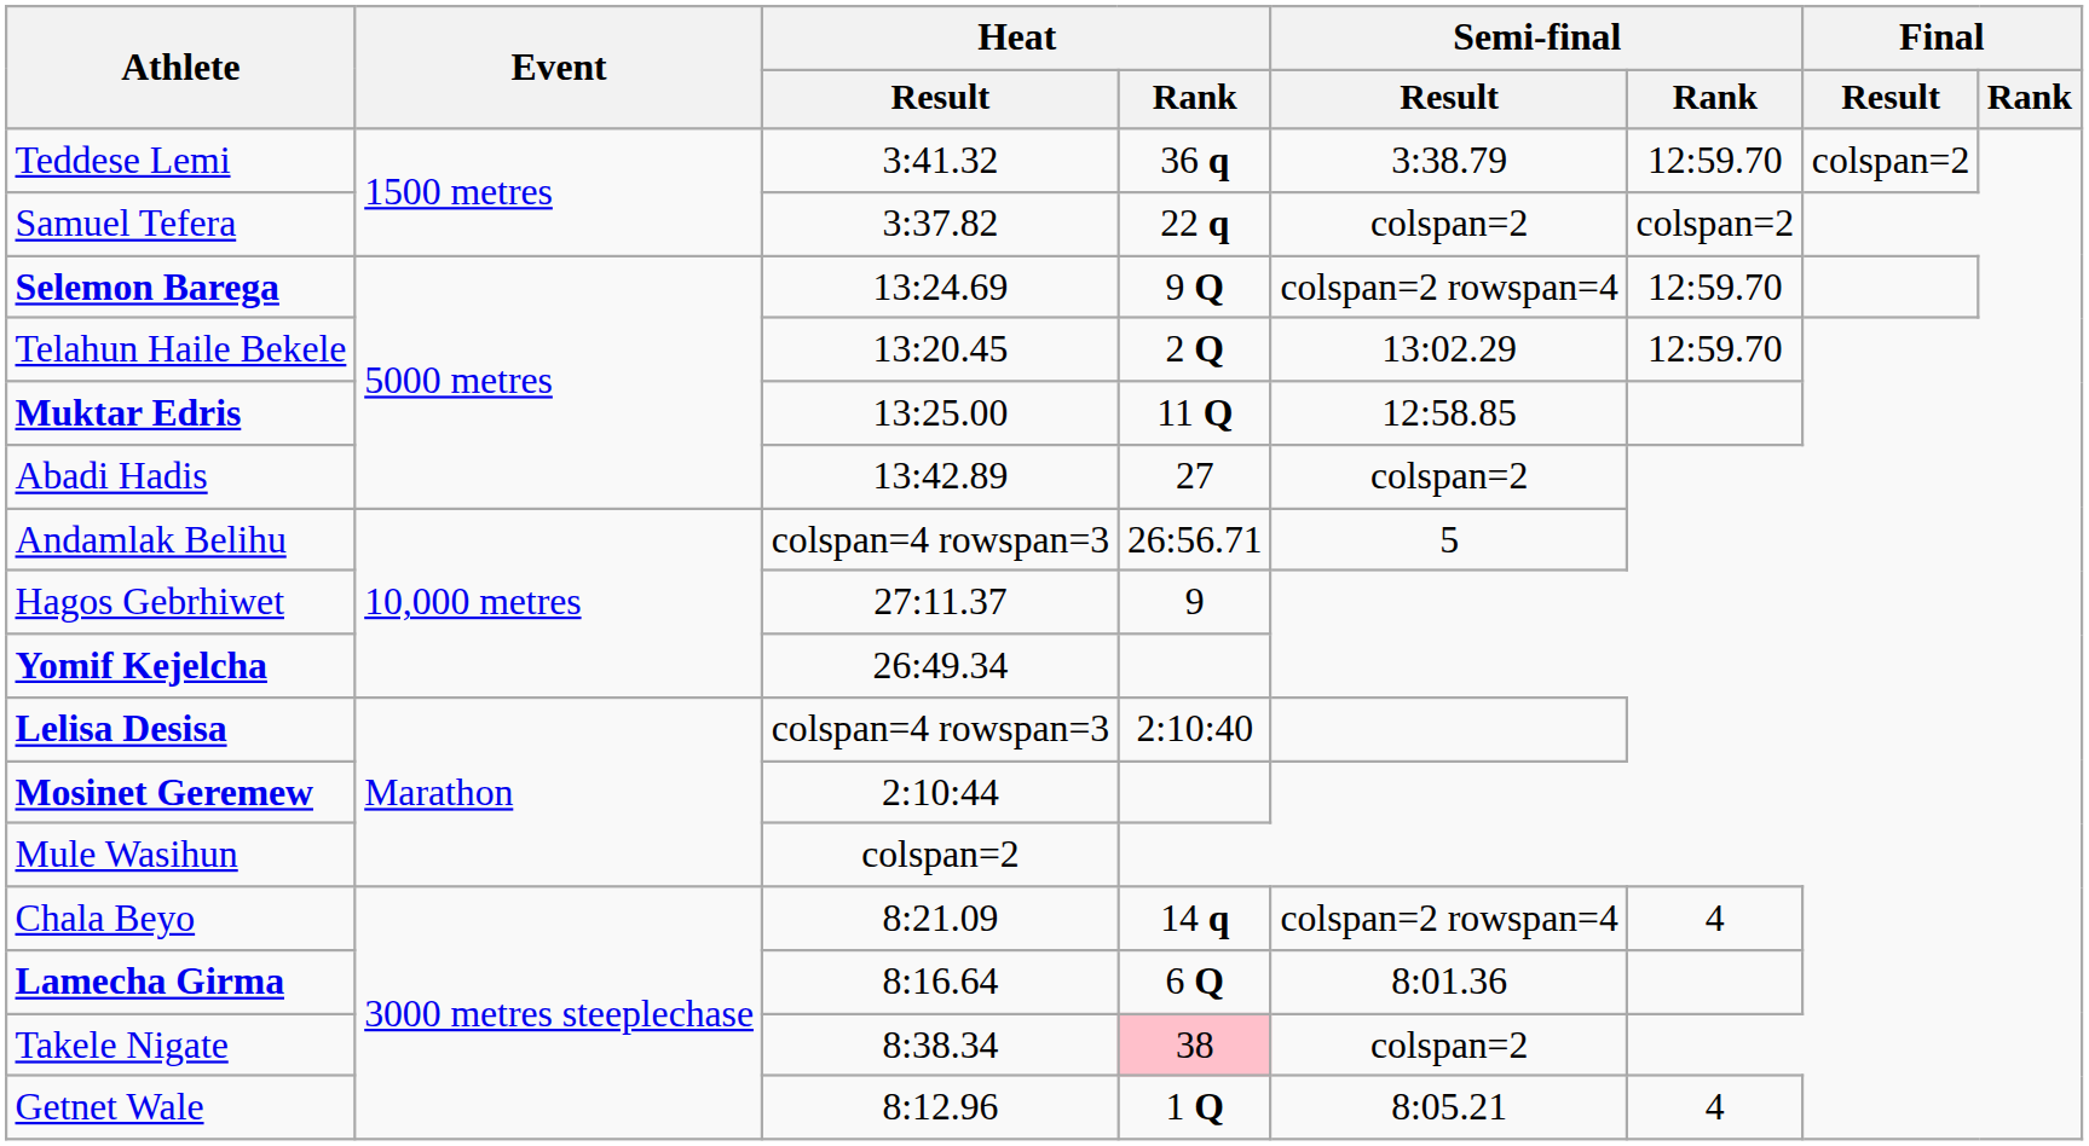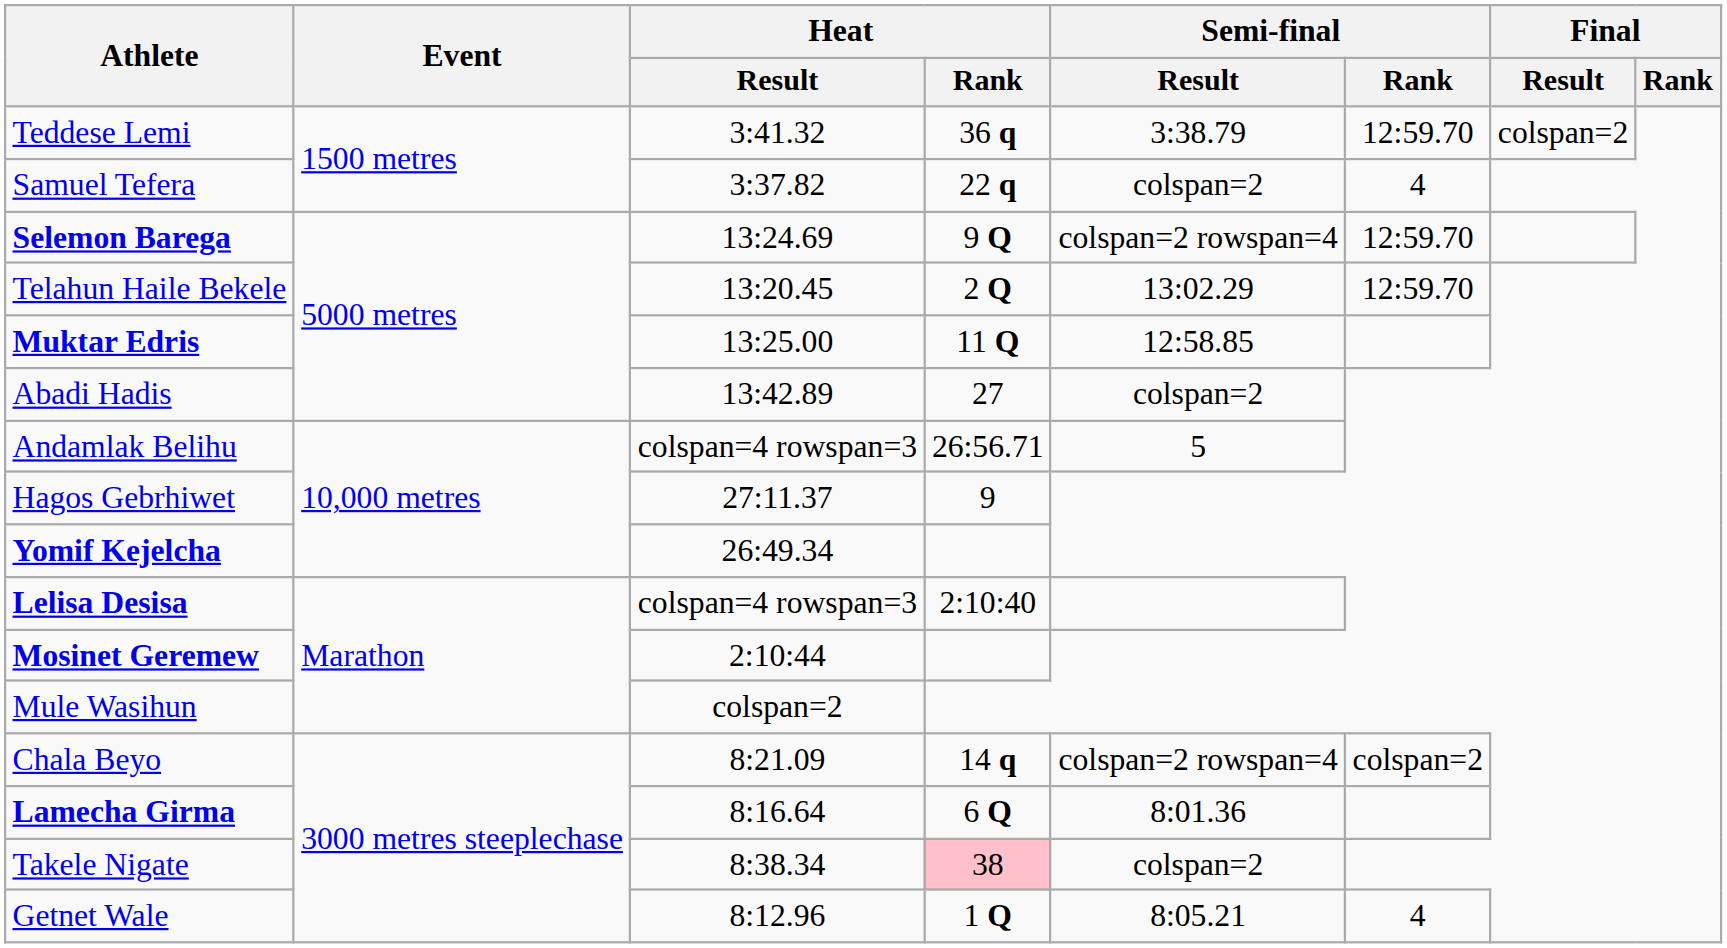 <table class="wikitable" style="font-size:90%">
 <tr>
 <th rowspan="2">Athlete</th>
 <th rowspan="2">Event</th>
 <th colspan="2">Heat</th>
 <th colspan="2">Semi-final</th>
 <th colspan="2">Final</th>
 </tr>
 <tr style="font-size:95%">
 <th>Result</th>
 <th>Rank</th>
 <th>Result</th>
 <th>Rank</th>
 <th>Result</th>
 <th>Rank</th>
 </tr>
 <tr style=text-align:center>
 <td style=text-align:left><a href='#'>Teddese Lemi</a></td>
 <td style=text-align:left rowspan=2><a href='#'>1500 metres</a></td>
 <td>3:41.32</td>
 <td>36 <strong>q</strong></td>
 <td>3:38.79 </td>
 <td>12:59.70</td>
 <td>colspan=2 </td>
 </tr>
 <tr align=center>
 <td style=text-align:left><a href='#'>Samuel Tefera</a></td>
 <td>3:37.82</td>
 <td>22 <strong>q</strong></td>
 <td>colspan=2 </td>
-<td>colspan=2 </td>
+<td>4</td>
 </tr>
 <tr style=text-align:center>
 <td style=text-align:left><strong><a href='#'>Selemon Barega</a></strong></td>
 <td style=text-align:left rowspan=4><a href='#'>5000 metres</a></td>
 <td>13:24.69</td>
 <td>9 <strong>Q</strong></td>
 <td>colspan=2 rowspan=4</td>
 <td>12:59.70</td>
 <td></td>
 </tr>
 <tr align=center>
 <td style=text-align:left><a href='#'>Telahun Haile Bekele</a></td>
 <td>13:20.45</td>
 <td>2 <strong>Q</strong></td>
 <td>13:02.29</td>
 <td>12:59.70</td>
 </tr>
 <tr align=center>
 <td style=text-align:left><strong><a href='#'>Muktar Edris</a></strong></td>
 <td>13:25.00 </td>
 <td>11 <strong>Q</strong></td>
 <td>12:58.85 </td>
 <td></td>
 </tr>
 <tr align=center>
 <td style=text-align:left><a href='#'>Abadi Hadis</a></td>
 <td>13:42.89</td>
 <td>27</td>
 <td>colspan=2 </td>
 </tr>
 <tr style=text-align:center>
 <td style=text-align:left><a href='#'>Andamlak Belihu</a></td>
 <td style=text-align:left rowspan=3><a href='#'>10,000 metres</a></td>
 <td>colspan=4 rowspan=3</td>
 <td>26:56.71</td>
 <td>5</td>
 </tr>
 <tr align=center>
 <td style=text-align:left><a href='#'>Hagos Gebrhiwet</a></td>
 <td>27:11.37</td>
 <td>9</td>
 </tr>
 <tr align=center>
 <td style=text-align:left><strong><a href='#'>Yomif Kejelcha</a></strong></td>
 <td>26:49.34 </td>
 <td></td>
 </tr>
 <tr style=text-align:center>
 <td style=text-align:left><strong><a href='#'>Lelisa Desisa</a></strong></td>
 <td style=text-align:left rowspan=3><a href='#'>Marathon</a></td>
 <td>colspan=4 rowspan=3</td>
 <td>2:10:40 </td>
 <td></td>
 </tr>
 <tr align=center>
 <td style=text-align:left><strong><a href='#'>Mosinet Geremew</a></strong></td>
 <td>2:10:44</td>
 <td></td>
 </tr>
 <tr align=center>
 <td style=text-align:left><a href='#'>Mule Wasihun</a></td>
 <td>colspan=2</td>
 </tr>
 <tr style=text-align:center>
 <td style=text-align:left><a href='#'>Chala Beyo</a></td>
 <td style=text-align:left rowspan=4><a href='#'>3000 metres steeplechase</a></td>
 <td>8:21.09</td>
 <td>14 <strong>q</strong></td>
 <td>colspan=2 rowspan=4</td>
-<td>4</td>
+<td>colspan=2</td>
 </tr>
 <tr align=center>
 <td style=text-align:left><strong><a href='#'>Lamecha Girma</a></strong></td>
 <td>8:16.64</td>
 <td>6 <strong>Q</strong></td>
 <td>8:01.36 </td>
 <td></td>
 </tr>
 <tr align=center>
 <td style=text-align:left><a href='#'>Takele Nigate</a></td>
 <td>8:38.34</td>
 <td style="background: pink;">38</td>
 <td>colspan=2 </td>
 </tr>
 <tr align=center>
 <td style=text-align:left><a href='#'>Getnet Wale</a></td>
 <td>8:12.96</td>
 <td>1 <strong>Q</strong></td>
 <td>8:05.21 </td>
 <td>4</td>
 </tr>
 </table>
